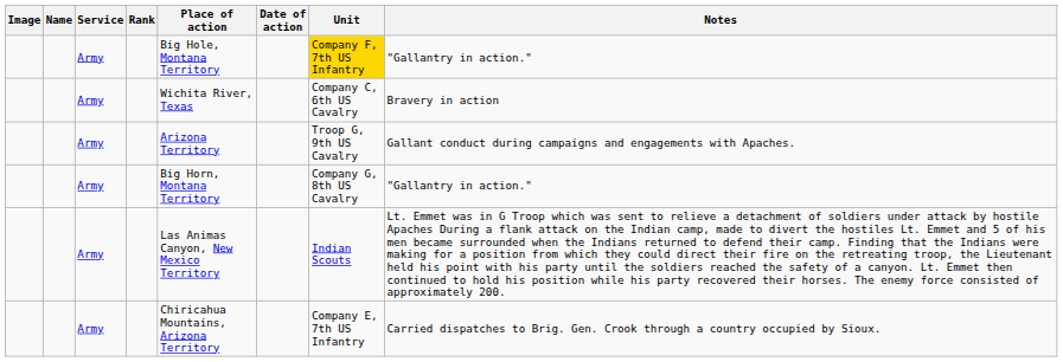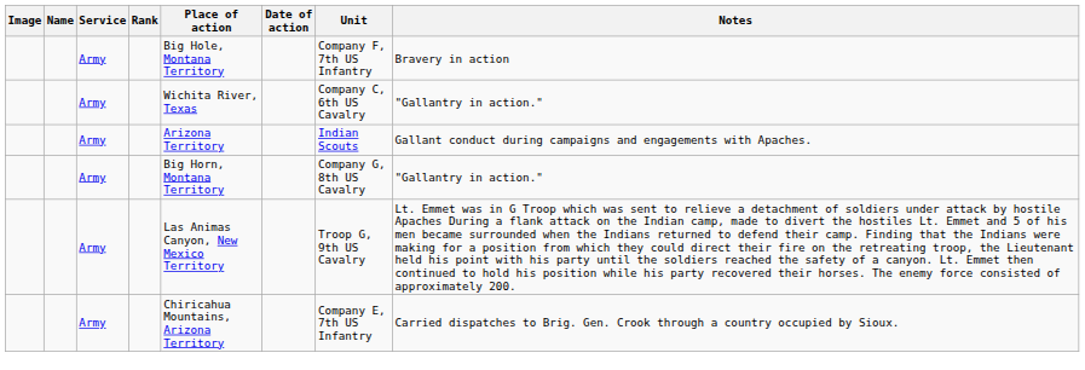 <table class="wikitable sortable">
 <tr>
 <th class="unsortable">Image</th>
 <th>Name</th>
 <th>Service</th>
 <th>Rank</th>
 <th>Place of action</th>
 <th>Date of action</th>
 <th>Unit</th>
 <th class="unsortable">Notes</th>
 </tr>
 <tr>
 <td></td>
 <td></td>
 <td><a href='#'>Army</a></td>
 <td></td>
 <td>Big Hole, <a href='#'>Montana Territory</a></td>
 <td></td>
-<td style="background: gold;">Company F, 7th US Infantry</td>
-<td>"Gallantry in action."</td>
+<td>Company F, 7th US Infantry</td>
+<td>Bravery in action</td>
 </tr>
 <tr>
 <td></td>
 <td></td>
 <td><a href='#'>Army</a></td>
 <td></td>
 <td>Wichita River, <a href='#'>Texas</a></td>
 <td></td>
 <td>Company C, 6th US Cavalry</td>
-<td>Bravery in action</td>
+<td>"Gallantry in action."</td>
 </tr>
 <tr>
 <td></td>
 <td></td>
 <td><a href='#'>Army</a></td>
 <td></td>
 <td><a href='#'>Arizona Territory</a></td>
 <td></td>
-<td>Troop G, 9th US Cavalry</td>
+<td><a href='#'>Indian Scouts</a></td>
 <td>Gallant conduct during campaigns and engagements with Apaches.</td>
 </tr>
 <tr>
 <td></td>
 <td></td>
 <td><a href='#'>Army</a></td>
 <td></td>
 <td>Big Horn, <a href='#'>Montana Territory</a></td>
 <td></td>
 <td>Company G, 8th US Cavalry</td>
 <td>"Gallantry in action."</td>
 </tr>
 <tr>
 <td></td>
 <td></td>
 <td><a href='#'>Army</a></td>
 <td></td>
 <td>Las Animas Canyon, <a href='#'>New Mexico Territory</a></td>
 <td></td>
-<td><a href='#'>Indian Scouts</a></td>
+<td>Troop G, 9th US Cavalry</td>
 <td>Lt. Emmet was in G Troop which was sent to relieve a detachment of soldiers under attack by hostile Apaches During a flank attack on the Indian camp, made to divert the hostiles Lt. Emmet and 5 of his men became surrounded when the Indians returned to defend their camp. Finding that the Indians were making for a position from which they could direct their fire on the retreating troop, the Lieutenant held his point with his party until the soldiers reached the safety of a canyon. Lt. Emmet then continued to hold his position while his party recovered their horses. The enemy force consisted of approximately 200.</td>
 </tr>
 <tr>
 <td></td>
 <td></td>
 <td><a href='#'>Army</a></td>
 <td></td>
 <td>Chiricahua Mountains, <a href='#'>Arizona Territory</a></td>
 <td></td>
 <td>Company E, 7th US Infantry</td>
 <td>Carried dispatches to Brig. Gen. Crook through a country occupied by Sioux.</td>
 </tr>
 </table>
